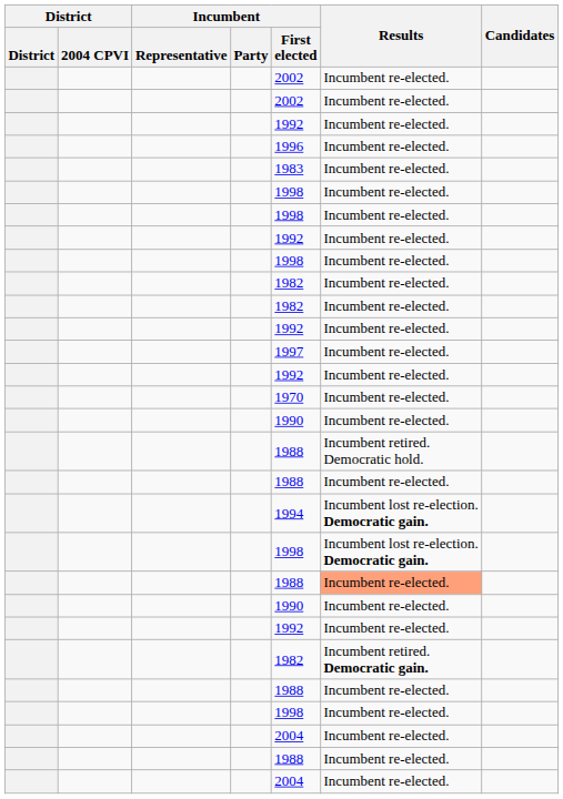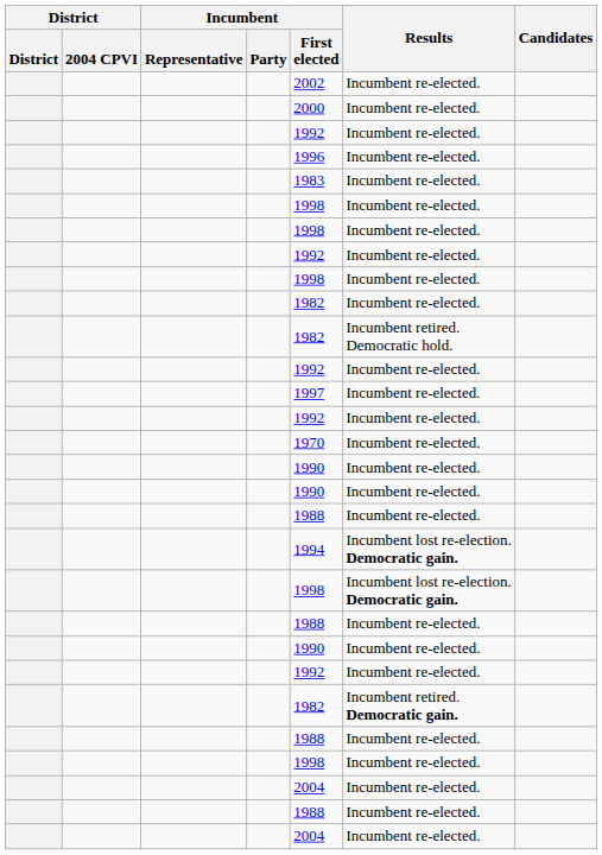 <table class="wikitable sortable">
 <tr>
 <th colspan=2>District</th>
 <th colspan=3>Incumbent</th>
 <th rowspan=2>Results</th>
 <th rowspan=2>Candidates</th>
 </tr>
 <tr valign=bottom>
 <th>District</th>
 <th>2004 CPVI</th>
 <th>Representative</th>
 <th>Party</th>
 <th>First<br>elected</th>
 </tr>
 <tr>
 <th></th>
 <td></td>
 <td></td>
 <td></td>
 <td><a href='#'>2002</a></td>
 <td>Incumbent re-elected.</td>
 <td nowrap></td>
 </tr>
 <tr>
 <th></th>
 <td></td>
 <td></td>
 <td></td>
-<td><a href='#'>2002</a></td>
+<td><a href='#'>2000</a></td>
 <td>Incumbent re-elected.</td>
 <td nowrap></td>
 </tr>
 <tr>
 <th></th>
 <td></td>
 <td></td>
 <td></td>
 <td><a href='#'>1992</a></td>
 <td>Incumbent re-elected.</td>
 <td nowrap></td>
 </tr>
 <tr>
 <th></th>
 <td></td>
 <td></td>
 <td></td>
 <td><a href='#'>1996</a></td>
 <td>Incumbent re-elected.</td>
 <td nowrap></td>
 </tr>
 <tr>
 <th></th>
 <td></td>
 <td></td>
 <td></td>
 <td><a href='#'>1983 </a></td>
 <td>Incumbent re-elected.</td>
 <td nowrap></td>
 </tr>
 <tr>
 <th></th>
 <td></td>
 <td></td>
 <td></td>
 <td><a href='#'>1998</a></td>
 <td>Incumbent re-elected.</td>
 <td nowrap></td>
 </tr>
 <tr>
 <th></th>
 <td></td>
 <td></td>
 <td></td>
 <td><a href='#'>1998</a></td>
 <td>Incumbent re-elected.</td>
 <td nowrap></td>
 </tr>
 <tr>
 <th></th>
 <td></td>
 <td></td>
 <td></td>
 <td><a href='#'>1992</a></td>
 <td>Incumbent re-elected.</td>
 <td nowrap></td>
 </tr>
 <tr>
 <th></th>
 <td></td>
 <td></td>
 <td></td>
 <td><a href='#'>1998</a></td>
 <td>Incumbent re-elected.</td>
 <td nowrap></td>
 </tr>
 <tr>
 <th></th>
 <td></td>
 <td></td>
 <td></td>
 <td><a href='#'>1982</a></td>
 <td>Incumbent re-elected.</td>
 <td nowrap></td>
 </tr>
 <tr>
 <th></th>
 <td></td>
 <td></td>
 <td></td>
 <td><a href='#'>1982</a></td>
-<td>Incumbent re-elected.</td>
+<td>Incumbent retired.<br>Democratic hold.</td>
 <td nowrap></td>
 </tr>
 <tr>
 <th></th>
 <td></td>
 <td></td>
 <td></td>
 <td><a href='#'>1992</a></td>
 <td>Incumbent re-elected.</td>
 <td nowrap></td>
 </tr>
 <tr>
 <th></th>
 <td></td>
 <td></td>
 <td></td>
 <td><a href='#'>1997 </a></td>
 <td>Incumbent re-elected.</td>
 <td nowrap></td>
 </tr>
 <tr>
 <th></th>
 <td></td>
 <td></td>
 <td></td>
 <td><a href='#'>1992</a></td>
 <td>Incumbent re-elected.</td>
 <td nowrap></td>
 </tr>
 <tr>
 <th></th>
 <td></td>
 <td></td>
 <td></td>
 <td><a href='#'>1970</a></td>
 <td>Incumbent re-elected.</td>
 <td nowrap></td>
 </tr>
 <tr>
 <th></th>
 <td></td>
 <td></td>
 <td></td>
 <td><a href='#'>1990</a></td>
 <td>Incumbent re-elected.</td>
 <td nowrap></td>
 </tr>
 <tr>
 <th></th>
 <td></td>
 <td></td>
 <td></td>
-<td><a href='#'>1988</a></td>
-<td>Incumbent retired.<br>Democratic hold.</td>
+<td><a href='#'>1990</a></td>
+<td>Incumbent re-elected.</td>
 <td nowrap></td>
 </tr>
 <tr>
 <th></th>
 <td></td>
 <td></td>
 <td></td>
 <td><a href='#'>1988</a></td>
 <td>Incumbent re-elected.</td>
 <td nowrap></td>
 </tr>
 <tr>
 <th></th>
 <td></td>
 <td></td>
 <td></td>
 <td><a href='#'>1994</a></td>
 <td>Incumbent lost re-election.<br><strong>Democratic gain.</strong></td>
 <td nowrap></td>
 </tr>
 <tr>
 <th></th>
 <td></td>
 <td></td>
 <td></td>
 <td><a href='#'>1998</a></td>
 <td>Incumbent lost re-election.<br><strong>Democratic gain.</strong></td>
 <td nowrap></td>
 </tr>
 <tr>
 <th></th>
 <td></td>
 <td></td>
 <td></td>
 <td><a href='#'>1988</a></td>
-<td style="background: lightsalmon;">Incumbent re-elected.</td>
+<td>Incumbent re-elected.</td>
 <td nowrap></td>
 </tr>
 <tr>
 <th></th>
 <td></td>
 <td></td>
 <td></td>
 <td><a href='#'>1990</a></td>
 <td>Incumbent re-elected.</td>
 <td nowrap></td>
 </tr>
 <tr>
 <th></th>
 <td></td>
 <td></td>
 <td></td>
 <td><a href='#'>1992</a></td>
 <td>Incumbent re-elected.</td>
 <td nowrap></td>
 </tr>
 <tr>
 <th></th>
 <td></td>
 <td></td>
 <td></td>
 <td><a href='#'>1982</a></td>
 <td>Incumbent retired.<br><strong>Democratic gain.</strong></td>
 <td nowrap></td>
 </tr>
 <tr>
 <th></th>
 <td></td>
 <td></td>
 <td></td>
 <td><a href='#'>1988</a></td>
 <td>Incumbent re-elected.</td>
 <td nowrap></td>
 </tr>
 <tr>
 <th></th>
 <td></td>
 <td></td>
 <td></td>
 <td><a href='#'>1998</a></td>
 <td>Incumbent re-elected.</td>
 <td nowrap></td>
 </tr>
 <tr>
 <th></th>
 <td></td>
 <td></td>
 <td></td>
 <td><a href='#'>2004</a></td>
 <td>Incumbent re-elected.</td>
 <td nowrap></td>
 </tr>
 <tr>
 <th></th>
 <td></td>
 <td></td>
 <td></td>
 <td><a href='#'>1988</a></td>
 <td>Incumbent re-elected.</td>
 <td nowrap></td>
 </tr>
 <tr>
 <th></th>
 <td></td>
 <td></td>
 <td></td>
 <td><a href='#'>2004</a></td>
 <td>Incumbent re-elected.</td>
 <td nowrap></td>
 </tr>
 </table>
